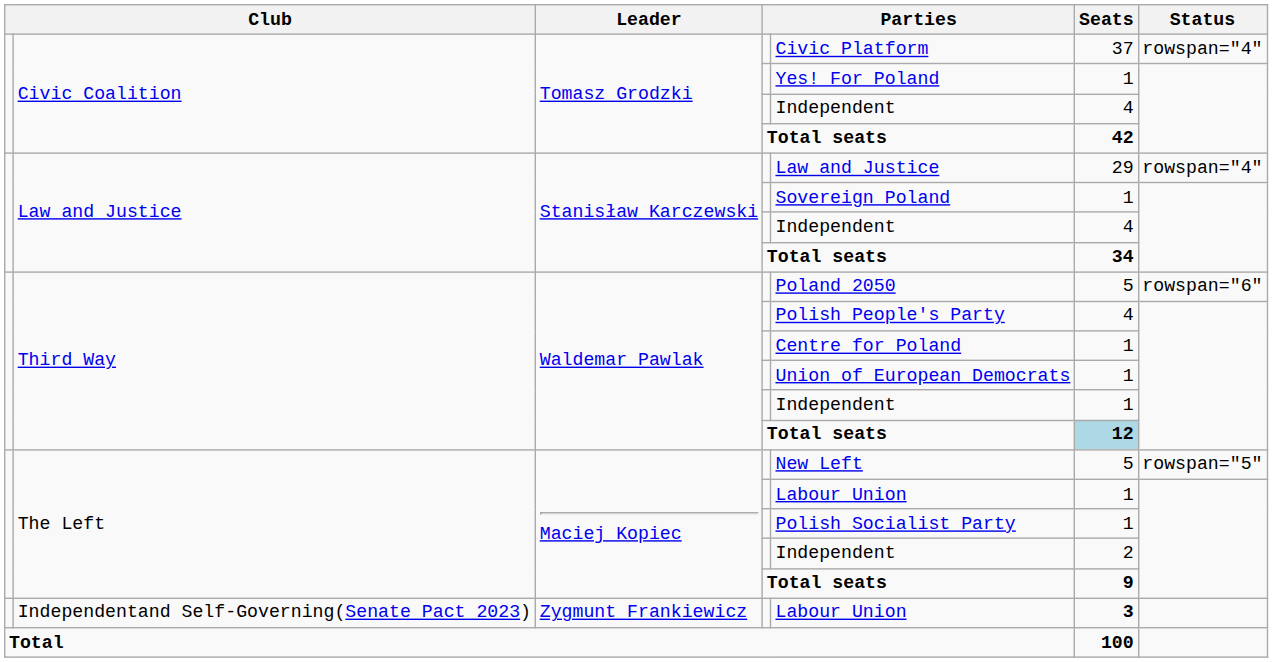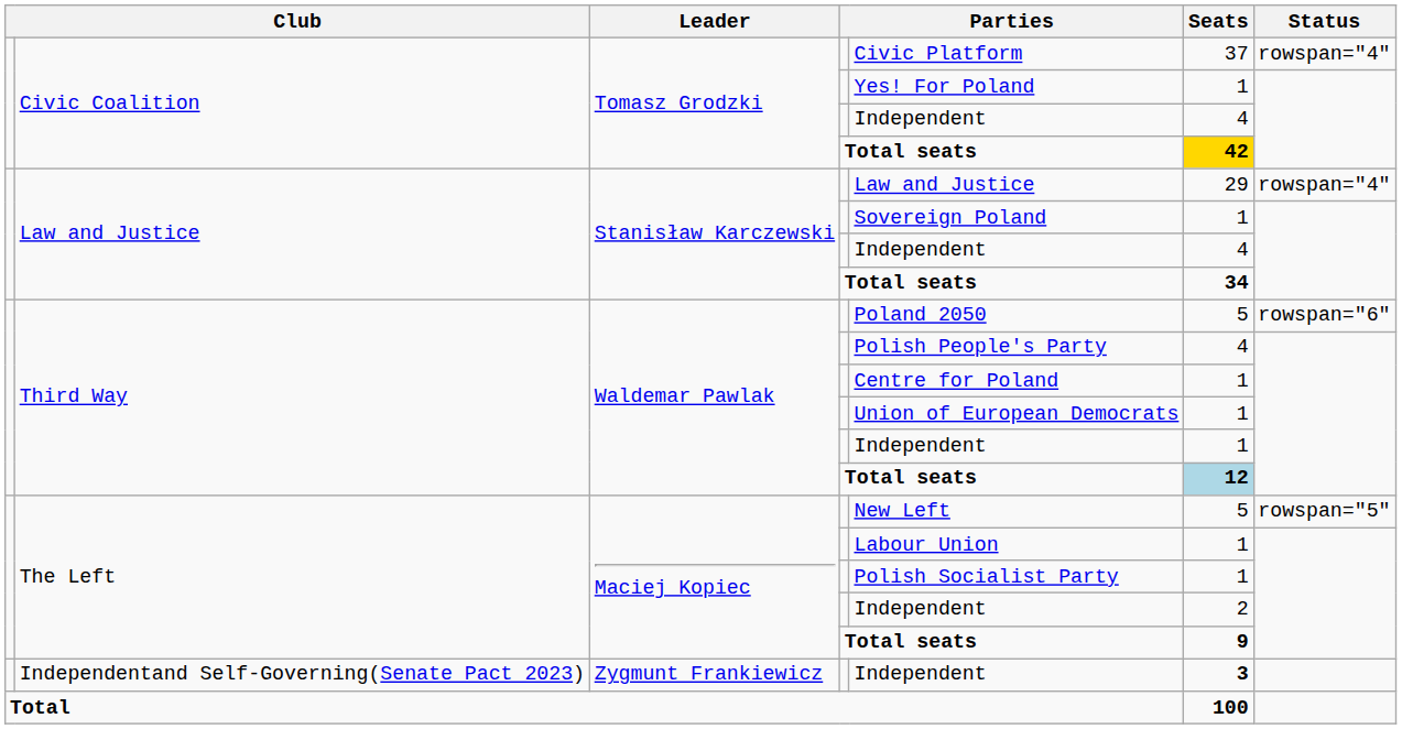 <table class="wikitable">
 <tr>
 <th colspan="2">Club</th>
 <th>Leader</th>
 <th colspan="2">Parties</th>
 <th>Seats</th>
 <th>Status</th>
 </tr>
 <tr>
 <td rowspan="4" style="background: "></td>
 <td rowspan="4"><a href='#'>Civic Coalition</a></td>
 <td rowspan="4"><a href='#'>Tomasz Grodzki</a></td>
 <td style="background: "></td>
 <td><a href='#'>Civic Platform</a></td>
 <td align=right>37</td>
 <td>rowspan="4" </td>
 </tr>
 <tr>
 <td style="background: "></td>
 <td><a href='#'>Yes! For Poland</a></td>
 <td align=right>1</td>
 </tr>
 <tr>
 <td style="background: "></td>
 <td>Independent</td>
 <td align=right>4</td>
 </tr>
 <tr>
 <td colspan=2><strong>Total seats</strong></td>
-<td align=right><strong>42</strong></td>
+<td align=right style="background: gold;"><strong>42</strong></td>
 </tr>
 <tr>
 <td rowspan="4" style="background: "></td>
 <td rowspan="4"><a href='#'>Law and Justice</a></td>
 <td rowspan="4"><a href='#'>Stanisław Karczewski</a></td>
 <td style="background: "></td>
 <td><a href='#'>Law and Justice</a></td>
 <td align=right>29</td>
 <td>rowspan="4" </td>
 </tr>
 <tr>
 <td style="background: "></td>
 <td><a href='#'>Sovereign Poland</a></td>
 <td align=right>1</td>
 </tr>
 <tr>
 <td style="background: "></td>
 <td>Independent</td>
 <td align=right>4</td>
 </tr>
 <tr>
 <td colspan=2><strong>Total seats</strong></td>
 <td align=right><strong>34</strong></td>
 </tr>
 <tr>
 <td rowspan="6" style="background: "></td>
 <td rowspan="6"><a href='#'>Third Way</a></td>
 <td rowspan="6"><a href='#'>Waldemar Pawlak</a></td>
 <td style="background: "></td>
 <td><a href='#'>Poland 2050</a></td>
 <td align=right>5</td>
 <td>rowspan="6" </td>
 </tr>
 <tr>
 <td style="background: "></td>
 <td><a href='#'>Polish People's Party</a></td>
 <td align=right>4</td>
 </tr>
 <tr>
 <td style="background: "></td>
 <td><a href='#'>Centre for Poland</a></td>
 <td align=right>1</td>
 </tr>
 <tr>
 <td style="background: "></td>
 <td><a href='#'>Union of European Democrats</a></td>
 <td align=right>1</td>
 </tr>
 <tr>
 <td style="background: "></td>
 <td>Independent</td>
 <td align=right>1</td>
 </tr>
 <tr>
 <td colspan=2><strong>Total seats</strong></td>
 <td align=right style="background: lightblue;"><strong>12</strong></td>
 </tr>
 <tr>
 <td rowspan="5" style="background: "></td>
 <td rowspan="5">The Left</td>
 <td rowspan="5"><hr><a href='#'>Maciej Kopiec</a></td>
 <td style="background: "></td>
 <td><a href='#'>New Left</a></td>
 <td align=right>5</td>
 <td>rowspan="5" </td>
 </tr>
 <tr>
 <td style="background: "></td>
 <td><a href='#'>Labour Union</a></td>
 <td align=right>1</td>
 </tr>
 <tr>
 <td style="background: "></td>
 <td><a href='#'>Polish Socialist Party</a></td>
 <td align=right>1</td>
 </tr>
 <tr>
 <td style="background: "></td>
 <td>Independent</td>
 <td align=right>2</td>
 </tr>
 <tr>
 <td colspan=2><strong>Total seats</strong></td>
 <td align=right><strong>9</strong></td>
 </tr>
 <tr>
 <td style="background: "></td>
 <td>Independentand Self-Governing(<a href='#'>Senate Pact 2023</a>)</td>
 <td><a href='#'>Zygmunt Frankiewicz</a></td>
 <td style="background: "></td>
-<td><a href='#'>Labour Union</a></td>
+<td>Independent</td>
 <td align=right><strong>3</strong></td>
 <td></td>
 </tr>
 <tr>
 <td colspan=5><strong>Total</strong></td>
 <td align=right><strong>100</strong></td>
 </tr>
 </table>
